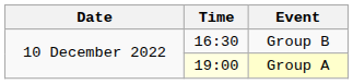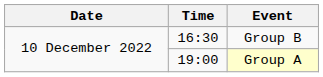 <table class = "wikitable" style="text-align:center;">
 <tr>
 <th width=150>Date</th>
 <th width=50>Time</th>
 <th width=80>Event</th>
 </tr>
 <tr>
 <td rowspan=2>10 December 2022</td>
 <td>16:30</td>
 <td>Group B</td>
 </tr>
 <tr>
-<td style="background: lightyellow;">19:00</td>
+<td>19:00</td>
 <td bgcolor=ffffcc>Group A</td>
 </tr>
 </table>
